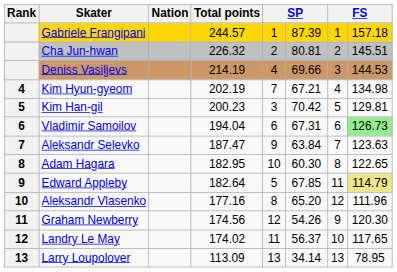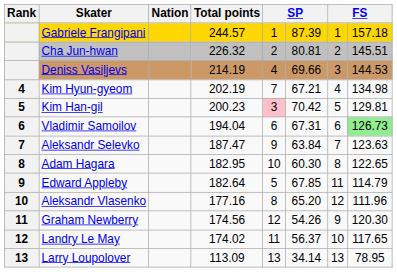 <table class="wikitable sortable" style="text-align:left">
 <tr>
 <th scope="col">Rank</th>
 <th scope="col">Skater</th>
 <th scope="col">Nation</th>
 <th scope="col">Total points</th>
 <th scope="col" colspan="2" width="80px"><a href='#'>SP</a></th>
 <th scope="col" colspan="2" width="80px"><a href='#'>FS</a></th>
 </tr>
 <tr bgcolor="gold">
 <th scope="row"></th>
 <td><a href='#'>Gabriele Frangipani</a></td>
 <td></td>
 <td align="center">244.57</td>
 <td align="center">1</td>
 <td align="center">87.39</td>
 <td align="center">1</td>
 <td align="center">157.18</td>
 </tr>
 <tr bgcolor="silver">
 <th scope="row"></th>
 <td><a href='#'>Cha Jun-hwan</a></td>
 <td></td>
 <td align="center">226.32</td>
 <td align="center">2</td>
 <td align="center">80.81</td>
 <td align="center">2</td>
 <td align="center">145.51</td>
 </tr>
 <tr bgcolor="cc9966">
 <th scope="row"></th>
 <td><a href='#'>Deniss Vasiļjevs</a></td>
 <td></td>
 <td align="center">214.19</td>
 <td align="center">4</td>
 <td align="center">69.66</td>
 <td align="center">3</td>
 <td align="center">144.53</td>
 </tr>
 <tr>
 <th scope="row">4</th>
 <td><a href='#'>Kim Hyun-gyeom</a></td>
 <td></td>
 <td align="center">202.19</td>
 <td align="center">7</td>
 <td align="center">67.21</td>
 <td align="center">4</td>
 <td align="center">134.98</td>
 </tr>
 <tr>
 <th scope="row">5</th>
 <td><a href='#'>Kim Han-gil</a></td>
 <td></td>
 <td align="center">200.23</td>
-<td align="center">3</td>
+<td align="center" style="background: pink;">3</td>
 <td align="center">70.42</td>
 <td align="center">5</td>
 <td align="center">129.81</td>
 </tr>
 <tr>
 <th scope="row">6</th>
 <td><a href='#'>Vladimir Samoilov</a></td>
 <td></td>
 <td align="center">194.04</td>
 <td align="center">6</td>
 <td align="center">67.31</td>
 <td align="center">6</td>
 <td align="center" style="background: lightgreen;">126.73</td>
 </tr>
 <tr>
 <th scope="row">7</th>
 <td><a href='#'>Aleksandr Selevko</a></td>
 <td></td>
 <td align="center">187.47</td>
 <td align="center">9</td>
 <td align="center">63.84</td>
 <td align="center">7</td>
 <td align="center">123.63</td>
 </tr>
 <tr>
 <th scope="row">8</th>
 <td><a href='#'>Adam Hagara</a></td>
 <td></td>
 <td align="center">182.95</td>
 <td align="center">10</td>
 <td align="center">60.30</td>
 <td align="center">8</td>
 <td align="center">122.65</td>
 </tr>
 <tr>
 <th scope="row">9</th>
 <td><a href='#'>Edward Appleby</a></td>
 <td></td>
 <td align="center">182.64</td>
 <td align="center">5</td>
 <td align="center">67.85</td>
 <td align="center">11</td>
-<td align="center" style="background: khaki;">114.79</td>
+<td align="center">114.79</td>
 </tr>
 <tr>
 <th scope="row">10</th>
 <td><a href='#'>Aleksandr Vlasenko</a></td>
 <td></td>
 <td align="center">177.16</td>
 <td align="center">8</td>
 <td align="center">65.20</td>
 <td align="center">12</td>
 <td align="center">111.96</td>
 </tr>
 <tr>
 <th scope="row">11</th>
 <td><a href='#'>Graham Newberry</a></td>
 <td></td>
 <td align="center">174.56</td>
 <td align="center">12</td>
 <td align="center">54.26</td>
 <td align="center">9</td>
 <td align="center">120.30</td>
 </tr>
 <tr>
 <th scope="row">12</th>
 <td><a href='#'>Landry Le May</a></td>
 <td></td>
 <td align="center">174.02</td>
 <td align="center">11</td>
 <td align="center">56.37</td>
 <td align="center">10</td>
 <td align="center">117.65</td>
 </tr>
 <tr>
 <th scope="row">13</th>
 <td><a href='#'>Larry Loupolover</a></td>
 <td></td>
 <td align="center">113.09</td>
 <td align="center">13</td>
 <td align="center">34.14</td>
 <td align="center">13</td>
 <td align="center">78.95</td>
 </tr>
 </table>
